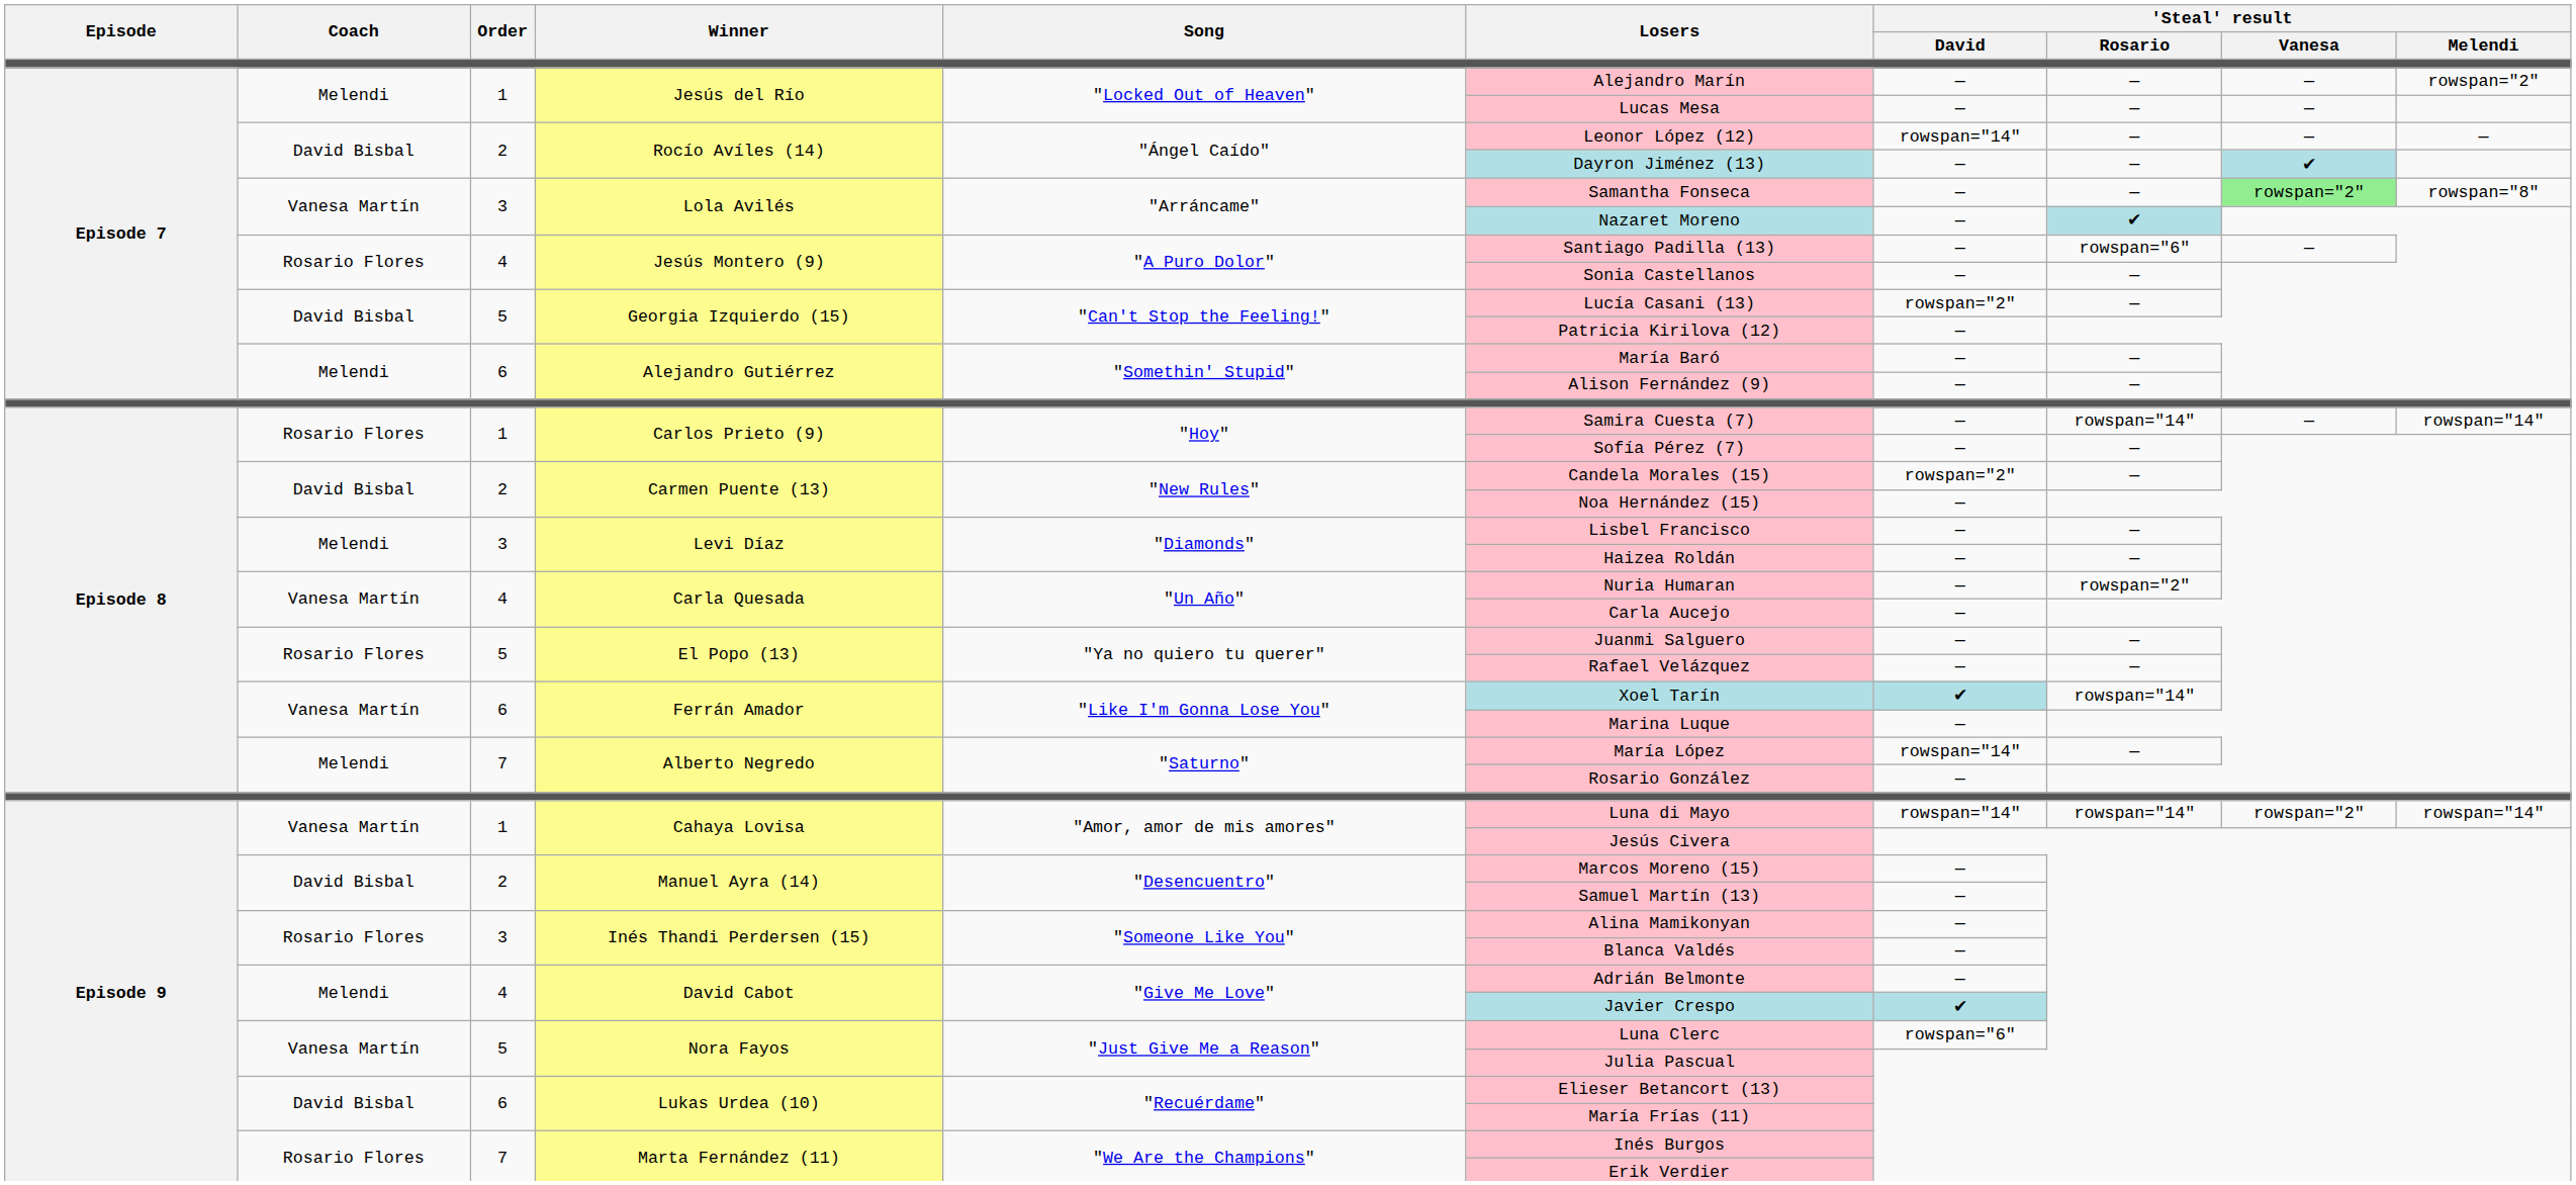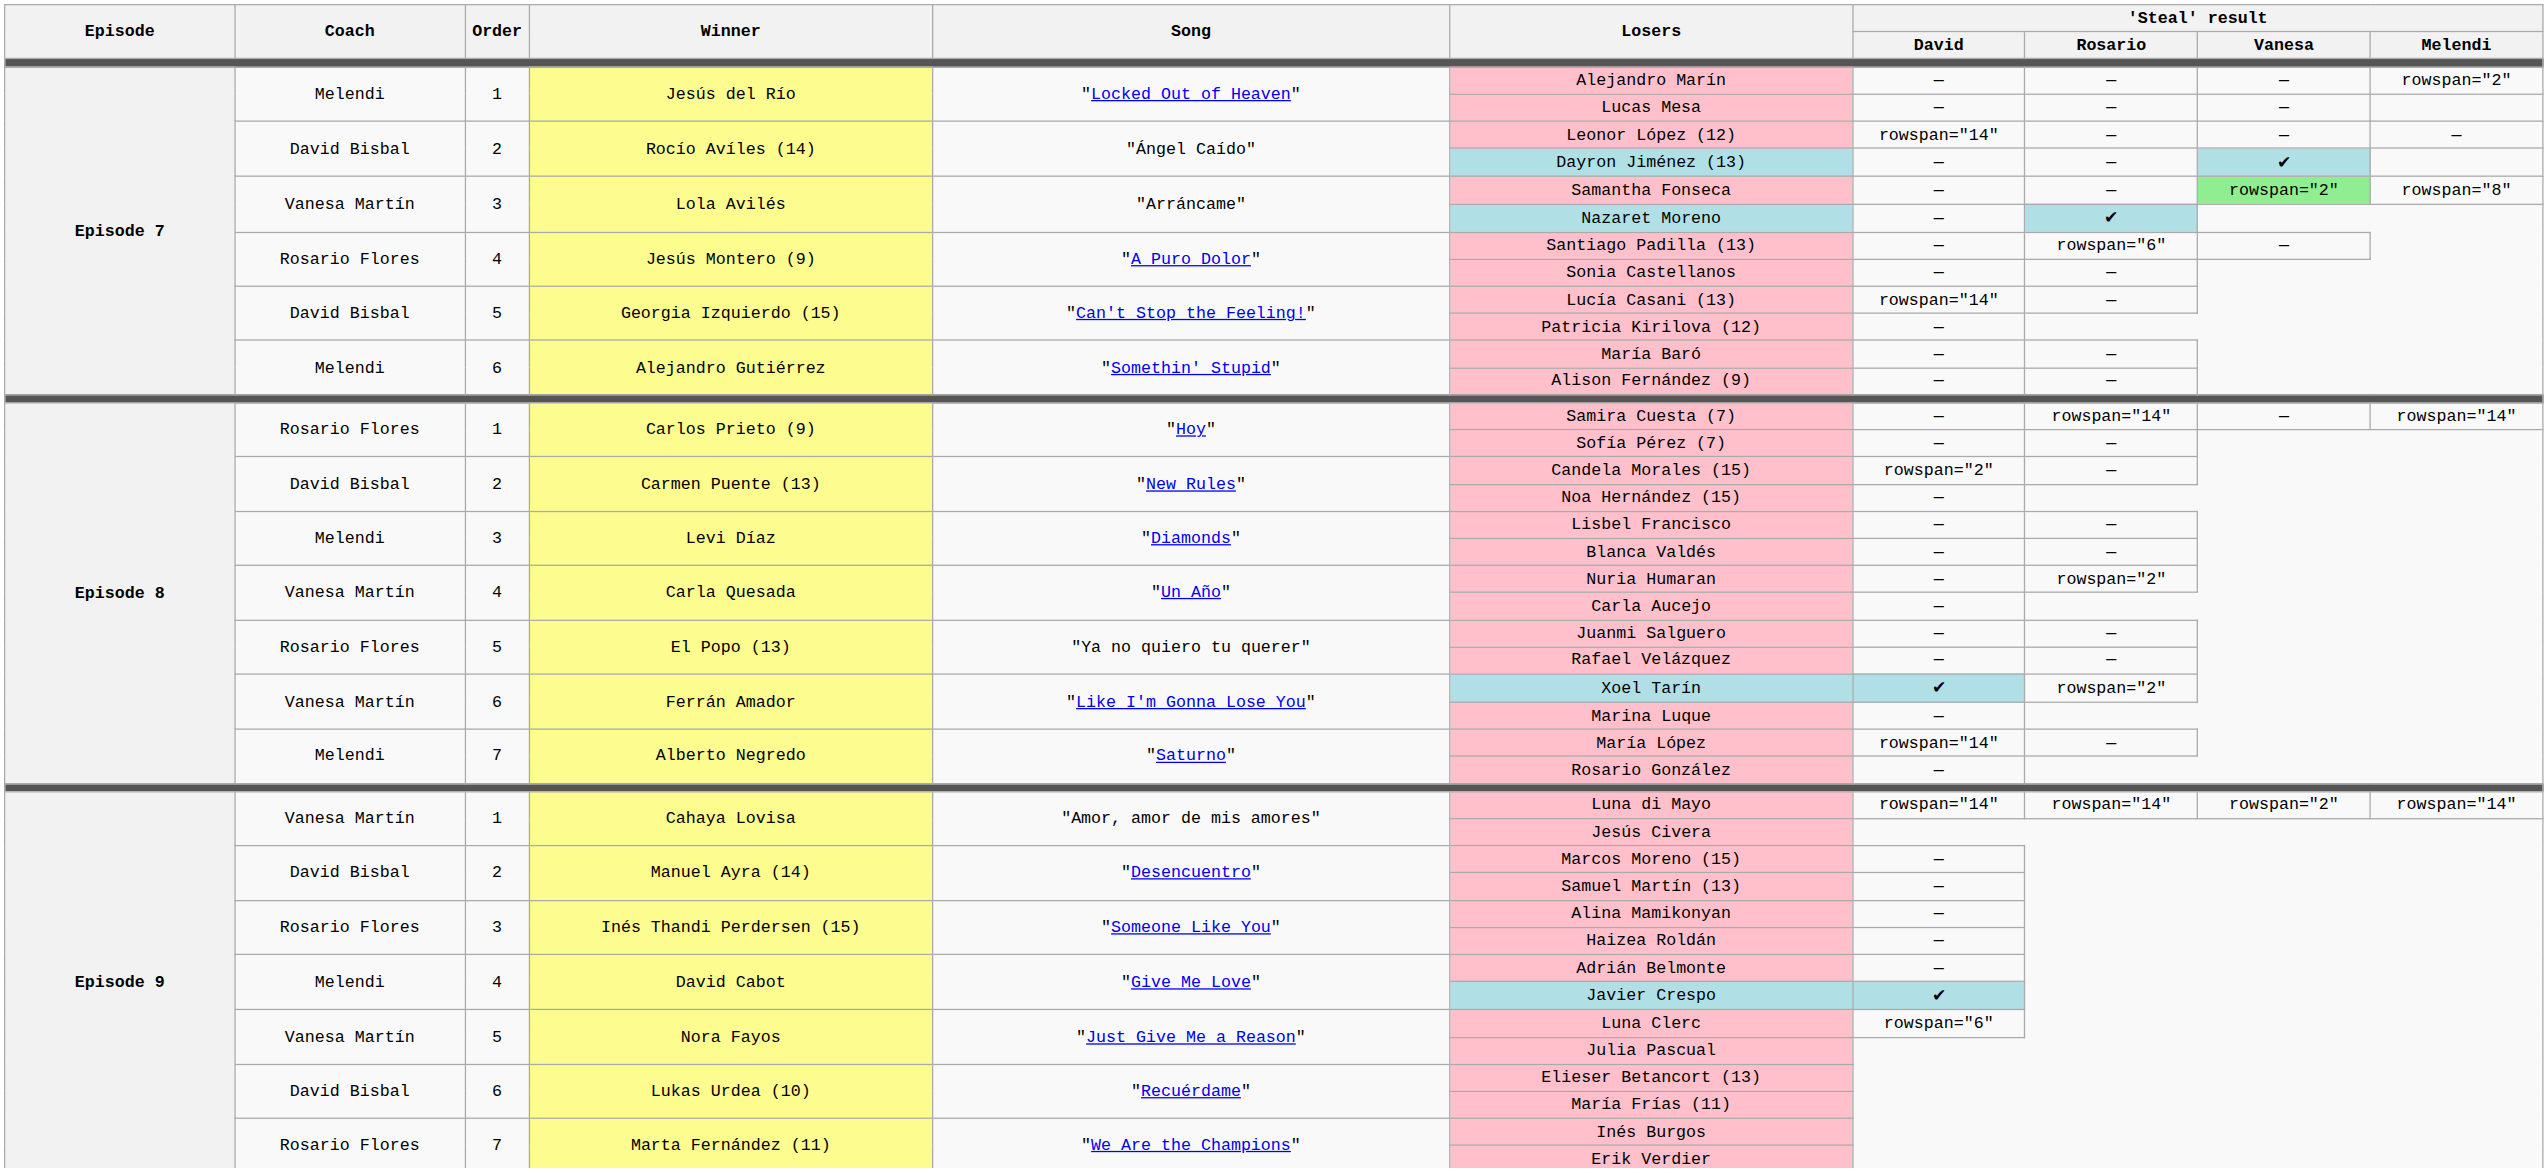 <table class="wikitable" style="text-align: center; width:100%">
 <tr>
 <th rowspan="2" style="width:08%">Episode</th>
 <th rowspan="2" style="width:08%">Coach</th>
 <th rowspan="2" style="width:02%">Order</th>
 <th rowspan="2" style="width:14%">Winner</th>
 <th rowspan="2" style="width:18%">Song</th>
 <th rowspan="2" style="width:14%">Losers</th>
 <th colspan="4" style="width:24%">'Steal' result</th>
 </tr>
 <tr>
 <th style="width:06%">David</th>
 <th style="width:06%">Rosario</th>
 <th style="width:06%">Vanesa</th>
 <th style="width:06%">Melendi</th>
 </tr>
 <tr>
 <td colspan="10" style="background:#555"></td>
 </tr>
 <tr>
 <th rowspan="12">Episode 7<br></th>
 <td rowspan="2">Melendi</td>
 <td rowspan="2">1</td>
 <td rowspan="2" style="background:#fdfc8f">Jesús del Río</td>
 <td rowspan="2">"<a href='#'>Locked Out of Heaven</a>"</td>
 <td style="background:pink">Alejandro Marín</td>
 <td>—</td>
 <td>—</td>
 <td>—</td>
 <td>rowspan="2" </td>
 </tr>
 <tr>
 <td style="background:pink">Lucas Mesa</td>
 <td>—</td>
 <td>—</td>
 <td>—</td>
 </tr>
 <tr>
 <td rowspan="2">David Bisbal</td>
 <td rowspan="2">2</td>
 <td rowspan="2" style="background:#fdfc8f">Rocío Avíles (14)</td>
 <td rowspan="2">"Ángel Caído"</td>
 <td style="background:pink">Leonor López (12)</td>
 <td>rowspan="14" </td>
 <td>—</td>
 <td>—</td>
 <td>—</td>
 </tr>
 <tr>
 <td style="background:#b0e0e6">Dayron Jiménez (13)</td>
 <td>—</td>
 <td>—</td>
 <td style="background:#b0e0e6">✔</td>
 </tr>
 <tr>
 <td rowspan="2">Vanesa Martín</td>
 <td rowspan="2">3</td>
 <td rowspan="2" style="background:#fdfc8f">Lola Avilés</td>
 <td rowspan="2">"Arráncame"</td>
 <td style="background:pink">Samantha Fonseca</td>
 <td>—</td>
 <td>—</td>
 <td style="background: lightgreen;">rowspan="2" </td>
 <td>rowspan="8" </td>
 </tr>
 <tr>
 <td style="background:#b0e0e6">Nazaret Moreno</td>
 <td>—</td>
 <td style="background:#b0e0e6">✔</td>
 </tr>
 <tr>
 <td rowspan="2">Rosario Flores</td>
 <td rowspan="2">4</td>
 <td rowspan="2" style="background:#fdfc8f">Jesús Montero (9)</td>
 <td rowspan="2">"<a href='#'>A Puro Dolor</a>"</td>
 <td style="background:pink">Santiago Padilla (13)</td>
 <td>—</td>
 <td>rowspan="6" </td>
 <td>—</td>
 </tr>
 <tr>
 <td style="background:pink">Sonia Castellanos</td>
 <td>—</td>
 <td>—</td>
 </tr>
 <tr>
 <td rowspan="2">David Bisbal</td>
 <td rowspan="2">5</td>
 <td rowspan="2" style="background:#fdfc8f">Georgia Izquierdo (15)</td>
 <td rowspan="2">"<a href='#'>Can't Stop the Feeling!</a>"</td>
 <td style="background:pink">Lucía Casani (13)</td>
-<td>rowspan="2" </td>
+<td>rowspan="14" </td>
 <td>—</td>
 </tr>
 <tr>
 <td style="background:pink">Patricia Kirilova (12)</td>
 <td>—</td>
 </tr>
 <tr>
 <td rowspan="2">Melendi</td>
 <td rowspan="2">6</td>
 <td rowspan="2" style="background:#fdfc8f">Alejandro Gutiérrez</td>
 <td rowspan="2">"<a href='#'>Somethin' Stupid</a>"</td>
 <td style="background:pink">María Baró</td>
 <td>—</td>
 <td>—</td>
 </tr>
 <tr>
 <td style="background:pink">Alison Fernández (9)</td>
 <td>—</td>
 <td>—</td>
 </tr>
 <tr>
 <td colspan="10" style="background:#555"></td>
 </tr>
 <tr>
 <th rowspan="14">Episode 8<br></th>
 <td rowspan="2">Rosario Flores</td>
 <td rowspan="2">1</td>
 <td rowspan="2" style="background:#fdfc8f">Carlos Prieto (9)</td>
 <td rowspan="2">"<a href='#'>Hoy</a>"</td>
 <td style="background:pink">Samira Cuesta (7)</td>
 <td>—</td>
 <td>rowspan="14" </td>
 <td>—</td>
 <td>rowspan="14" </td>
 </tr>
 <tr>
 <td style="background:pink">Sofía Pérez (7)</td>
 <td>—</td>
 <td>—</td>
 </tr>
 <tr>
 <td rowspan="2">David Bisbal</td>
 <td rowspan="2">2</td>
 <td rowspan="2" style="background:#fdfc8f">Carmen Puente (13)</td>
 <td rowspan="2">"<a href='#'>New Rules</a>"</td>
 <td style="background:pink">Candela Morales (15)</td>
 <td>rowspan="2" </td>
 <td>—</td>
 </tr>
 <tr>
 <td style="background:pink">Noa Hernández (15)</td>
 <td>—</td>
 </tr>
 <tr>
 <td rowspan="2">Melendi</td>
 <td rowspan="2">3</td>
 <td rowspan="2" style="background:#fdfc8f">Levi Díaz</td>
 <td rowspan="2">"<a href='#'>Diamonds</a>"</td>
 <td style="background:pink">Lisbel Francisco</td>
 <td>—</td>
 <td>—</td>
 </tr>
 <tr>
-<td style="background:pink">Haizea Roldán</td>
+<td style="background:pink">Blanca Valdés</td>
 <td>—</td>
 <td>—</td>
 </tr>
 <tr>
 <td rowspan="2">Vanesa Martín</td>
 <td rowspan="2">4</td>
 <td rowspan="2" style="background:#fdfc8f">Carla Quesada</td>
 <td rowspan="2">"<a href='#'>Un Año</a>"</td>
 <td style="background:pink">Nuria Humaran</td>
 <td>—</td>
 <td>rowspan="2" </td>
 </tr>
 <tr>
 <td style="background:pink">Carla Aucejo</td>
 <td>—</td>
 </tr>
 <tr>
 <td rowspan="2">Rosario Flores</td>
 <td rowspan="2">5</td>
 <td rowspan="2" style="background:#fdfc8f">El Popo (13)</td>
 <td rowspan="2">"Ya no quiero tu querer"</td>
 <td style="background:pink">Juanmi Salguero</td>
 <td>—</td>
 <td>—</td>
 </tr>
 <tr>
 <td style="background:pink">Rafael Velázquez</td>
 <td>—</td>
 <td>—</td>
 </tr>
 <tr>
 <td rowspan="2">Vanesa Martín</td>
 <td rowspan="2">6</td>
 <td rowspan="2" style="background:#fdfc8f">Ferrán Amador</td>
 <td rowspan="2">"<a href='#'>Like I'm Gonna Lose You</a>"</td>
 <td style="background:#b0e0e6">Xoel Tarín</td>
 <td style="background:#b0e0e6">✔</td>
-<td>rowspan="14" </td>
+<td>rowspan="2" </td>
 </tr>
 <tr>
 <td style="background:pink">Marina Luque</td>
 <td>—</td>
 </tr>
 <tr>
 <td rowspan="2">Melendi</td>
 <td rowspan="2">7</td>
 <td rowspan="2" style="background:#fdfc8f">Alberto Negredo</td>
 <td rowspan="2">"<a href='#'>Saturno</a>"</td>
 <td style="background:pink">María López</td>
 <td>rowspan="14" </td>
 <td>—</td>
 </tr>
 <tr>
 <td style="background:pink">Rosario González</td>
 <td>—</td>
 </tr>
 <tr>
 <td colspan="10" style="background:#555"></td>
 </tr>
 <tr>
 <th rowspan="14">Episode 9<br></th>
 <td rowspan="2">Vanesa Martín</td>
 <td rowspan="2">1</td>
 <td rowspan="2" style="background:#fdfc8f">Cahaya Lovisa</td>
 <td rowspan="2">"Amor, amor de mis amores"</td>
 <td style="background:pink">Luna di Mayo</td>
 <td>rowspan="14" </td>
 <td>rowspan="14" </td>
 <td>rowspan="2" </td>
 <td>rowspan="14" </td>
 </tr>
 <tr>
 <td style="background:pink">Jesús Civera</td>
 </tr>
 <tr>
 <td rowspan="2">David Bisbal</td>
 <td rowspan="2">2</td>
 <td rowspan="2" style="background:#fdfc8f">Manuel Ayra (14)</td>
 <td rowspan="2">"<a href='#'>Desencuentro</a>"</td>
 <td style="background:pink">Marcos Moreno (15)</td>
 <td>—</td>
 </tr>
 <tr>
 <td style="background:pink">Samuel Martín (13)</td>
 <td>—</td>
 </tr>
 <tr>
 <td rowspan="2">Rosario Flores</td>
 <td rowspan="2">3</td>
 <td rowspan="2" style="background:#fdfc8f">Inés Thandi Perdersen (15)</td>
 <td rowspan="2">"<a href='#'>Someone Like You</a>"</td>
 <td style="background:pink">Alina Mamikonyan</td>
 <td>—</td>
 </tr>
 <tr>
-<td style="background:pink">Blanca Valdés</td>
+<td style="background:pink">Haizea Roldán</td>
 <td>—</td>
 </tr>
 <tr>
 <td rowspan="2">Melendi</td>
 <td rowspan="2">4</td>
 <td rowspan="2" style="background:#fdfc8f">David Cabot</td>
 <td rowspan="2">"<a href='#'>Give Me Love</a>"</td>
 <td style="background:pink">Adrián Belmonte</td>
 <td>—</td>
 </tr>
 <tr>
 <td style="background:#b0e0e6">Javier Crespo</td>
 <td style="background:#b0e0e6">✔</td>
 </tr>
 <tr>
 <td rowspan="2">Vanesa Martín</td>
 <td rowspan="2">5</td>
 <td rowspan="2" style="background:#fdfc8f">Nora Fayos</td>
 <td rowspan="2">"<a href='#'>Just Give Me a Reason</a>"</td>
 <td style="background:pink">Luna Clerc</td>
 <td>rowspan="6" </td>
 </tr>
 <tr>
 <td style="background:pink">Julia Pascual</td>
 </tr>
 <tr>
 <td rowspan="2">David Bisbal</td>
 <td rowspan="2">6</td>
 <td rowspan="2" style="background:#fdfc8f">Lukas Urdea (10)</td>
 <td rowspan="2">"<a href='#'>Recuérdame</a>"</td>
 <td style="background:pink">Elieser Betancort (13)</td>
 </tr>
 <tr>
 <td style="background:pink">María Frías (11)</td>
 </tr>
 <tr>
 <td rowspan="2">Rosario Flores</td>
 <td rowspan="2">7</td>
 <td rowspan="2" style="background:#fdfc8f">Marta Fernández (11)</td>
 <td rowspan="2">"<a href='#'>We Are the Champions</a>"</td>
 <td style="background:pink">Inés Burgos</td>
 </tr>
 <tr>
 <td style="background:pink">Erik Verdier</td>
 </tr>
 </table>
